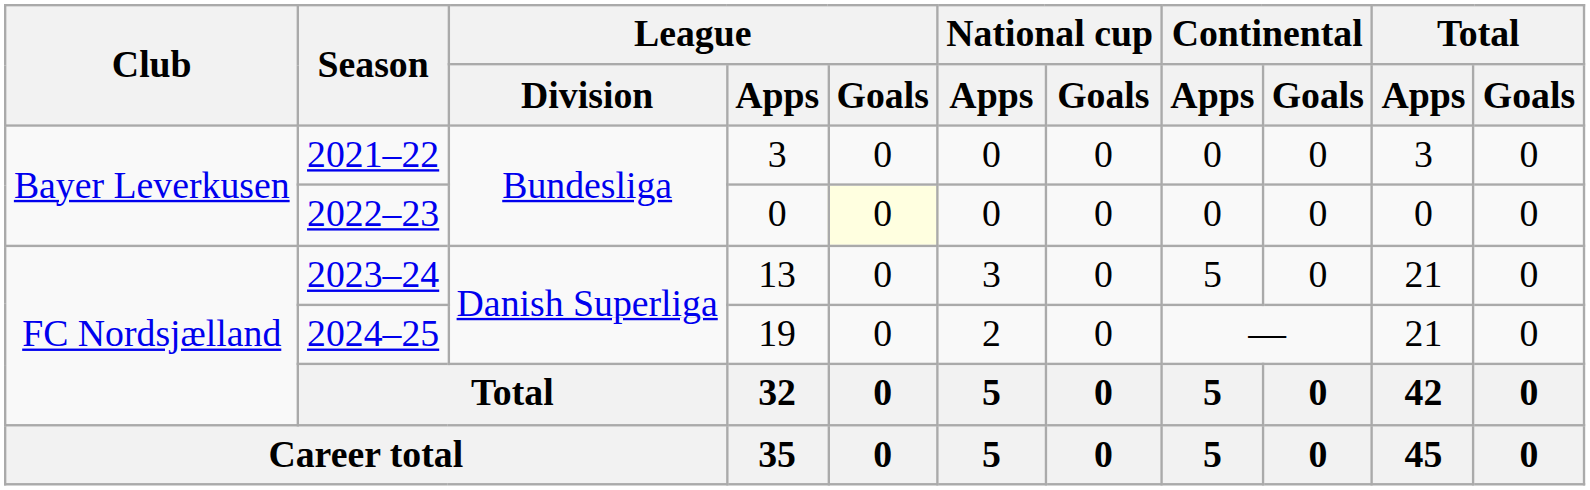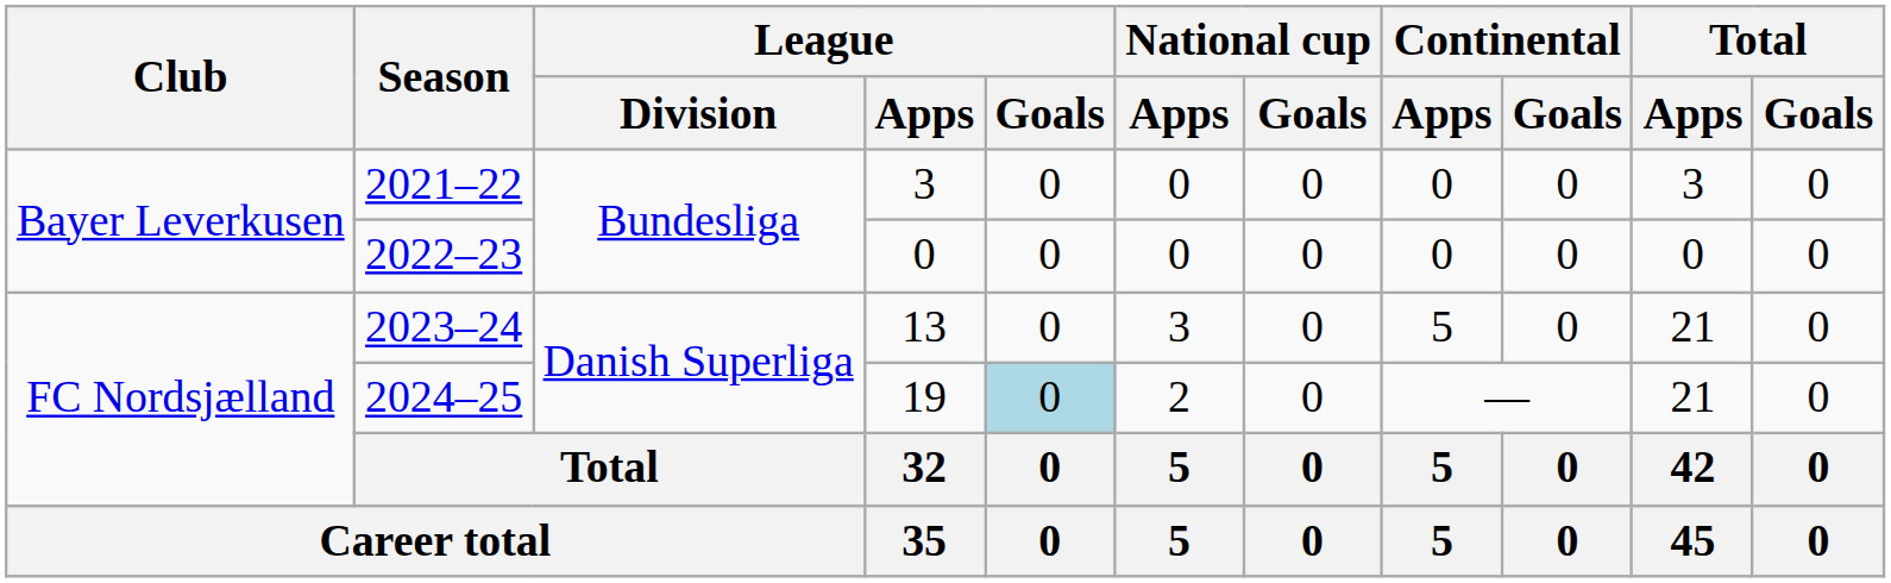 <table class="wikitable" style="text-align:center">
 <tr>
 <th rowspan="2">Club</th>
 <th rowspan="2">Season</th>
 <th colspan="3">League</th>
 <th colspan="2">National cup</th>
 <th colspan="2">Continental</th>
 <th colspan="2">Total</th>
 </tr>
 <tr>
 <th>Division</th>
 <th>Apps</th>
 <th>Goals</th>
 <th>Apps</th>
 <th>Goals</th>
 <th>Apps</th>
 <th>Goals</th>
 <th>Apps</th>
 <th>Goals</th>
 </tr>
 <tr>
 <td rowspan="2"><a href='#'>Bayer Leverkusen</a></td>
 <td><a href='#'>2021–22</a></td>
 <td rowspan="2"><a href='#'>Bundesliga</a></td>
 <td>3</td>
 <td>0</td>
 <td>0</td>
 <td>0</td>
 <td>0</td>
 <td>0</td>
 <td>3</td>
 <td>0</td>
 </tr>
 <tr>
 <td><a href='#'>2022–23</a></td>
 <td>0</td>
-<td style="background: lightyellow;">0</td>
+<td>0</td>
 <td>0</td>
 <td>0</td>
 <td>0</td>
 <td>0</td>
 <td>0</td>
 <td>0</td>
 </tr>
 <tr>
 <td rowspan="3"><a href='#'>FC Nordsjælland</a></td>
 <td><a href='#'>2023–24</a></td>
 <td rowspan="2"><a href='#'>Danish Superliga</a></td>
 <td>13</td>
 <td>0</td>
 <td>3</td>
 <td>0</td>
 <td>5</td>
 <td>0</td>
 <td>21</td>
 <td>0</td>
 </tr>
 <tr>
 <td><a href='#'>2024–25</a></td>
 <td>19</td>
-<td>0</td>
+<td style="background: lightblue;">0</td>
 <td>2</td>
 <td>0</td>
 <td colspan="2">—</td>
 <td>21</td>
 <td>0</td>
 </tr>
 <tr>
 <th colspan="2">Total</th>
 <th>32</th>
 <th>0</th>
 <th>5</th>
 <th>0</th>
 <th>5</th>
 <th>0</th>
 <th>42</th>
 <th>0</th>
 </tr>
 <tr>
 <th colspan="3">Career total</th>
 <th>35</th>
 <th>0</th>
 <th>5</th>
 <th>0</th>
 <th>5</th>
 <th>0</th>
 <th>45</th>
 <th>0</th>
 </tr>
 </table>
